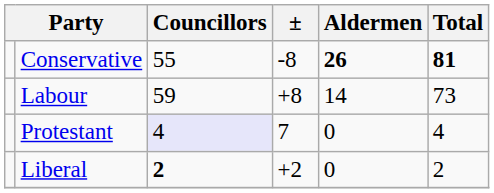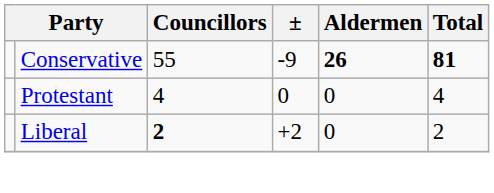 <table class="wikitable">
 <tr>
 <th colspan="2">Party</th>
 <th>Councillors</th>
 <th>  ±  </th>
 <th>Aldermen</th>
 <th>Total</th>
 </tr>
 <tr>
 <td style="background-color: "></td>
 <td><a href='#'>Conservative</a></td>
 <td>55</td>
-<td>-8</td>
+<td>-9</td>
 <td><strong>26</strong></td>
 <td><strong>81</strong></td>
 </tr>
 <tr>
 <td style="background-color: "></td>
-<td><a href='#'>Labour</a></td>
-<td>59</td>
-<td>+8</td>
-<td>14</td>
-<td>73</td>
-</tr>
-<tr>
-<td style="background-color: "></td>
 <td><a href='#'>Protestant</a></td>
-<td style="background: lavender;">4</td>
-<td>7</td>
+<td>4</td>
+<td>0</td>
 <td>0</td>
 <td>4</td>
 </tr>
 <tr>
 <td style="background-color: "></td>
 <td><a href='#'>Liberal</a></td>
 <td><strong>2</strong></td>
 <td>+2</td>
 <td>0</td>
 <td>2</td>
 </tr>
 <tr>
 </tr>
 </table>
